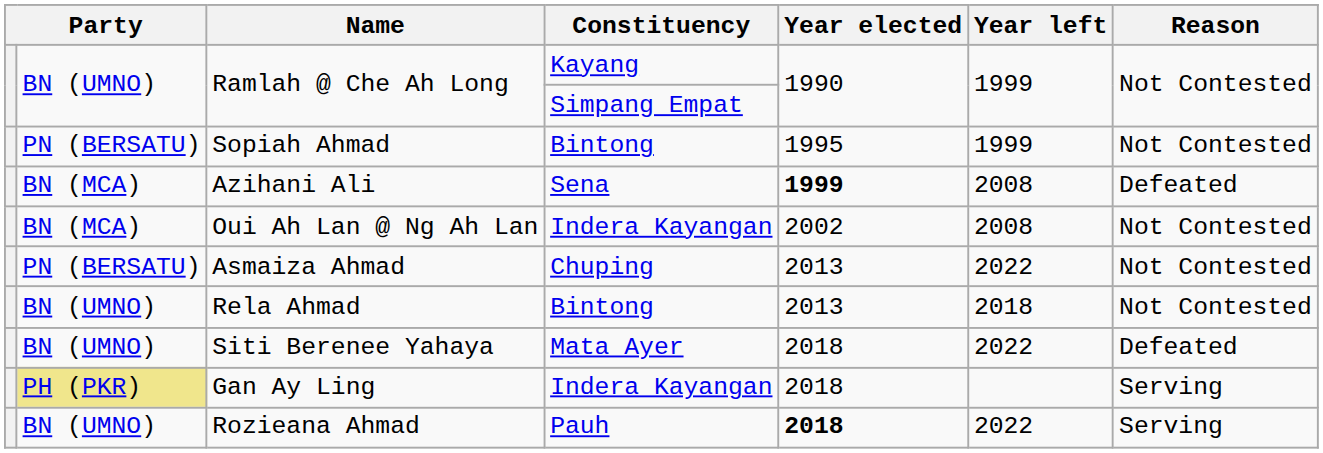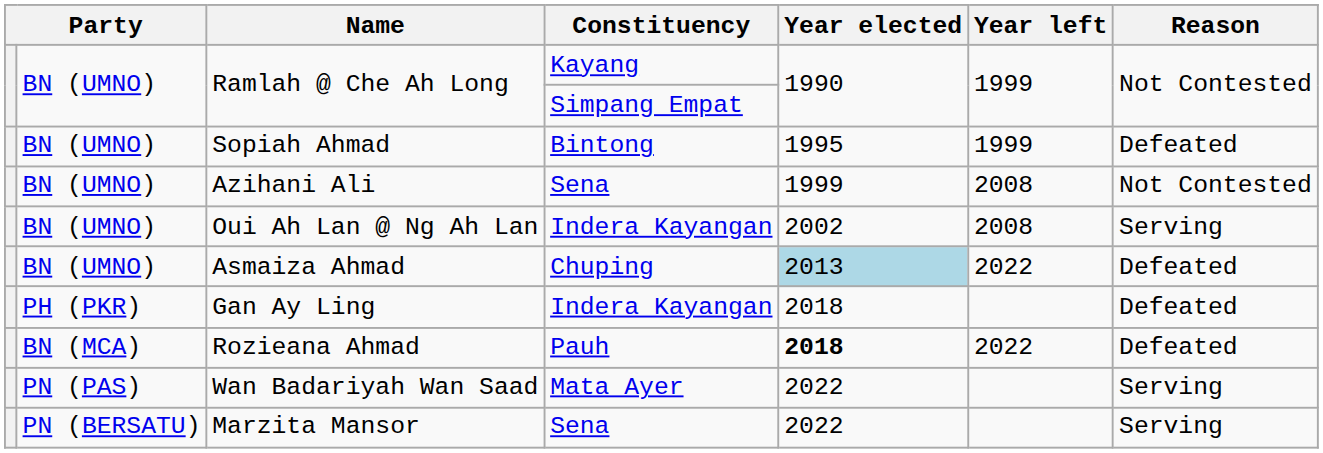 <table class="wikitable sortable">
 <tr>
 <th colspan=2>Party</th>
 <th>Name</th>
 <th>Constituency</th>
 <th>Year elected</th>
 <th>Year left</th>
 <th>Reason</th>
 </tr>
 <tr>
 <th rowspan=2 style="background-color: "></th>
 <td rowspan=2><a href='#'>BN</a> (<a href='#'>UMNO</a>)</td>
 <td rowspan=2>Ramlah @ Che Ah Long</td>
 <td><a href='#'>Kayang</a></td>
 <td rowspan=2>1990</td>
 <td rowspan=2>1999</td>
 <td rowspan=2>Not Contested</td>
 </tr>
 <tr>
 <td><a href='#'>Simpang Empat</a></td>
 </tr>
 <tr>
 <th style="background-color: "></th>
-<td><a href='#'>PN</a> (<a href='#'>BERSATU</a>)</td>
+<td><a href='#'>BN</a> (<a href='#'>UMNO</a>)</td>
 <td>Sopiah Ahmad</td>
 <td><a href='#'>Bintong</a></td>
 <td>1995</td>
 <td>1999</td>
+<td>Defeated</td>
+</tr>
+<tr>
+<th style="background-color: "></th>
+<td><a href='#'>BN</a> (<a href='#'>UMNO</a>)</td>
+<td>Azihani Ali</td>
+<td><a href='#'>Sena</a></td>
+<td>1999</td>
+<td>2008</td>
 <td>Not Contested</td>
 </tr>
 <tr>
 <th style="background-color: "></th>
-<td><a href='#'>BN</a> (<a href='#'>MCA</a>)</td>
-<td>Azihani Ali</td>
-<td><a href='#'>Sena</a></td>
-<td><strong>1999</strong></td>
+<td><a href='#'>BN</a> (<a href='#'>UMNO</a>)</td>
+<td>Oui Ah Lan @ Ng Ah Lan</td>
+<td><a href='#'>Indera Kayangan</a></td>
+<td>2002</td>
 <td>2008</td>
+<td>Serving</td>
+</tr>
+<tr>
+<th style="background-color: "></th>
+<td><a href='#'>BN</a> (<a href='#'>UMNO</a>)</td>
+<td>Asmaiza Ahmad</td>
+<td><a href='#'>Chuping</a></td>
+<td style="background: lightblue;">2013</td>
+<td>2022</td>
+<td>Defeated</td>
+</tr>
+<tr>
+<th style="background-color: "></th>
+<td><a href='#'>PH</a> (<a href='#'>PKR</a>)</td>
+<td>Gan Ay Ling</td>
+<td><a href='#'>Indera Kayangan</a></td>
+<td>2018</td>
+<td></td>
 <td>Defeated</td>
 </tr>
 <tr>
 <th style="background-color: "></th>
 <td><a href='#'>BN</a> (<a href='#'>MCA</a>)</td>
-<td>Oui Ah Lan @ Ng Ah Lan</td>
-<td><a href='#'>Indera Kayangan</a></td>
-<td>2002</td>
-<td>2008</td>
-<td>Not Contested</td>
-</tr>
-<tr>
-<th style="background-color: "></th>
-<td><a href='#'>PN</a> (<a href='#'>BERSATU</a>)</td>
-<td>Asmaiza Ahmad</td>
-<td><a href='#'>Chuping</a></td>
-<td>2013</td>
-<td>2022</td>
-<td>Not Contested</td>
-</tr>
-<tr>
-<th style="background-color: "></th>
-<td><a href='#'>BN</a> (<a href='#'>UMNO</a>)</td>
-<td>Rela Ahmad</td>
-<td><a href='#'>Bintong</a></td>
-<td>2013</td>
-<td>2018</td>
-<td>Not Contested</td>
-</tr>
-<tr>
-<th style="background-color: "></th>
-<td><a href='#'>BN</a> (<a href='#'>UMNO</a>)</td>
-<td>Siti Berenee Yahaya</td>
-<td><a href='#'>Mata Ayer</a></td>
-<td>2018</td>
+<td>Rozieana Ahmad</td>
+<td><a href='#'>Pauh</a></td>
+<td><strong>2018</strong></td>
 <td>2022</td>
 <td>Defeated</td>
 </tr>
 <tr>
 <th style="background-color: "></th>
-<td style="background: khaki;"><a href='#'>PH</a> (<a href='#'>PKR</a>)</td>
-<td>Gan Ay Ling</td>
-<td><a href='#'>Indera Kayangan</a></td>
-<td>2018</td>
+<td><a href='#'>PN</a> (<a href='#'>PAS</a>)</td>
+<td>Wan Badariyah Wan Saad</td>
+<td><a href='#'>Mata Ayer</a></td>
+<td>2022</td>
 <td></td>
 <td>Serving</td>
 </tr>
 <tr>
 <th style="background-color: "></th>
-<td><a href='#'>BN</a> (<a href='#'>UMNO</a>)</td>
-<td>Rozieana Ahmad</td>
-<td><a href='#'>Pauh</a></td>
-<td><strong>2018</strong></td>
+<td><a href='#'>PN</a> (<a href='#'>BERSATU</a>)</td>
+<td>Marzita Mansor</td>
+<td><a href='#'>Sena</a></td>
 <td>2022</td>
+<td></td>
 <td>Serving</td>
 </tr>
 </table>
